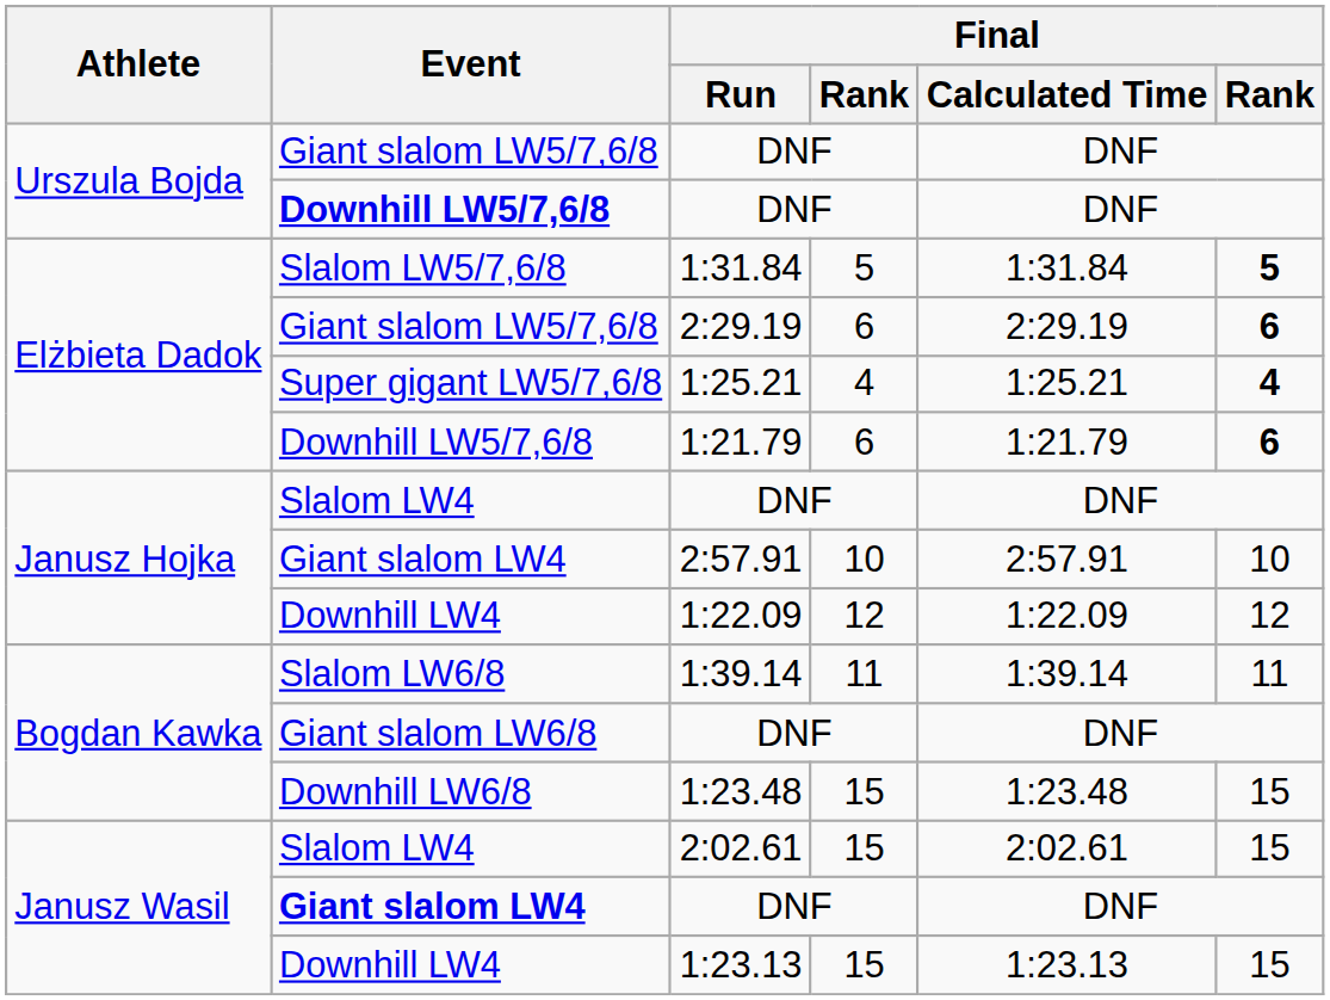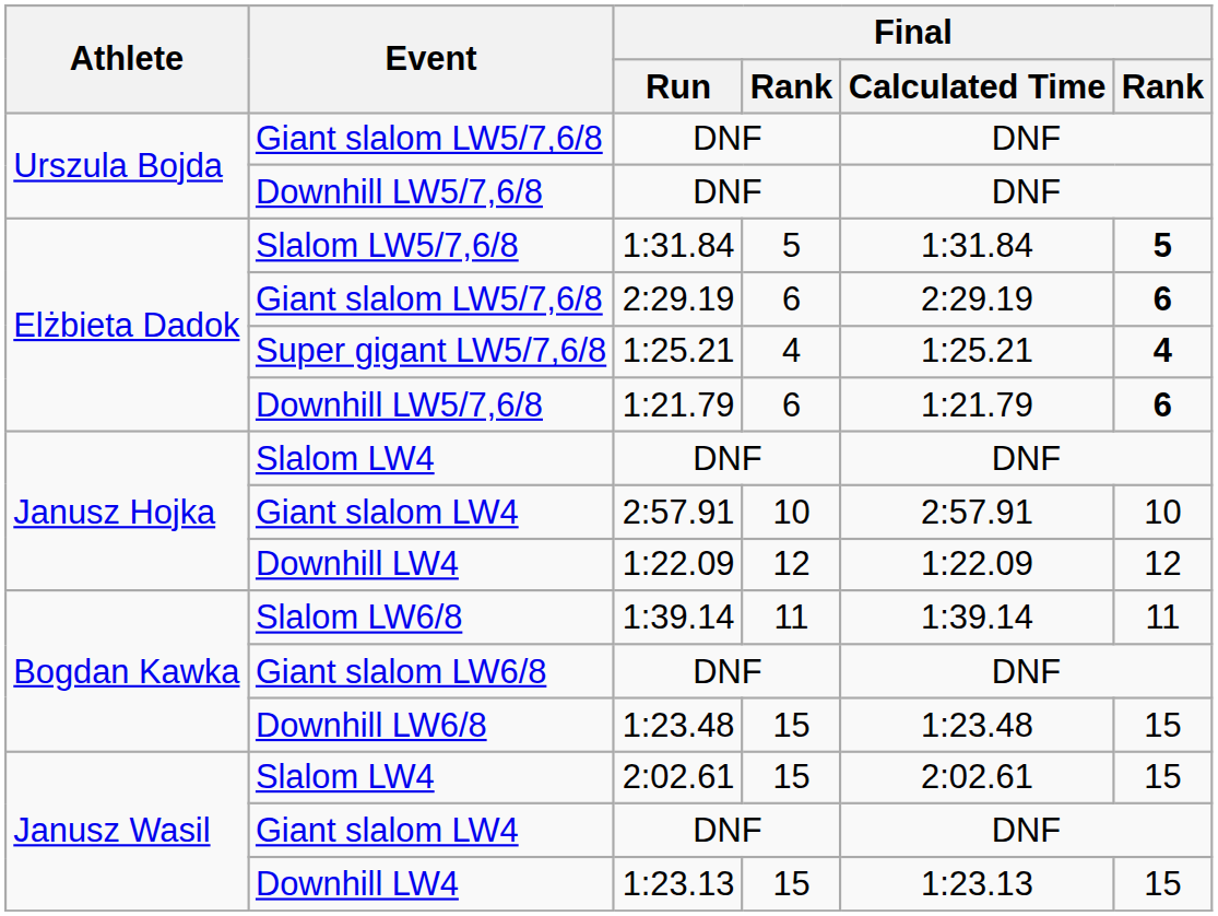 <table class="wikitable" style="font-size:90%">
 <tr>
 <th rowspan="2">Athlete</th>
 <th rowspan="2">Event</th>
 <th colspan="4">Final</th>
 </tr>
 <tr>
 <th>Run</th>
 <th>Rank</th>
 <th>Calculated Time</th>
 <th>Rank</th>
 </tr>
 <tr>
 <td rowspan=2><a href='#'>Urszula Bojda</a></td>
 <td><a href='#'>Giant slalom LW5/7,6/8</a></td>
 <td align="center" colspan=2>DNF</td>
 <td align="center" colspan=2>DNF</td>
 </tr>
 <tr>
-<td><strong><a href='#'>Downhill LW5/7,6/8</a></strong></td>
+<td><a href='#'>Downhill LW5/7,6/8</a></td>
 <td align="center" colspan=2>DNF</td>
 <td align="center" colspan=2>DNF</td>
 </tr>
 <tr>
 <td rowspan=4><a href='#'>Elżbieta Dadok</a></td>
 <td><a href='#'>Slalom LW5/7,6/8</a></td>
 <td align="center">1:31.84</td>
 <td align="center">5</td>
 <td align="center">1:31.84</td>
 <td align="center"><strong>5</strong></td>
 </tr>
 <tr>
 <td><a href='#'>Giant slalom LW5/7,6/8</a></td>
 <td align="center">2:29.19</td>
 <td align="center">6</td>
 <td align="center">2:29.19</td>
 <td align="center"><strong>6</strong></td>
 </tr>
 <tr>
 <td><a href='#'>Super gigant LW5/7,6/8</a></td>
 <td align="center">1:25.21</td>
 <td align="center">4</td>
 <td align="center">1:25.21</td>
 <td align="center"><strong>4</strong></td>
 </tr>
 <tr>
 <td><a href='#'>Downhill LW5/7,6/8</a></td>
 <td align="center">1:21.79</td>
 <td align="center">6</td>
 <td align="center">1:21.79</td>
 <td align="center"><strong>6</strong></td>
 </tr>
 <tr>
 <td rowspan=3><a href='#'>Janusz Hojka</a></td>
 <td><a href='#'>Slalom LW4</a></td>
 <td align="center" colspan=2>DNF</td>
 <td align="center" colspan=2>DNF</td>
 </tr>
 <tr>
 <td><a href='#'>Giant slalom LW4</a></td>
 <td align="center">2:57.91</td>
 <td align="center">10</td>
 <td align="center">2:57.91</td>
 <td align="center">10</td>
 </tr>
 <tr>
 <td><a href='#'>Downhill LW4</a></td>
 <td align="center">1:22.09</td>
 <td align="center">12</td>
 <td align="center">1:22.09</td>
 <td align="center">12</td>
 </tr>
 <tr>
 <td rowspan=3><a href='#'>Bogdan Kawka</a></td>
 <td><a href='#'>Slalom LW6/8</a></td>
 <td align="center">1:39.14</td>
 <td align="center">11</td>
 <td align="center">1:39.14</td>
 <td align="center">11</td>
 </tr>
 <tr>
 <td><a href='#'>Giant slalom LW6/8</a></td>
 <td align="center" colspan=2>DNF</td>
 <td align="center" colspan=2>DNF</td>
 </tr>
 <tr>
 <td><a href='#'>Downhill LW6/8</a></td>
 <td align="center">1:23.48</td>
 <td align="center">15</td>
 <td align="center">1:23.48</td>
 <td align="center">15</td>
 </tr>
 <tr>
 <td rowspan=3><a href='#'>Janusz Wasil</a></td>
 <td><a href='#'>Slalom LW4</a></td>
 <td align="center">2:02.61</td>
 <td align="center">15</td>
 <td align="center">2:02.61</td>
 <td align="center">15</td>
 </tr>
 <tr>
-<td><strong><a href='#'>Giant slalom LW4</a></strong></td>
+<td><a href='#'>Giant slalom LW4</a></td>
 <td align="center" colspan=2>DNF</td>
 <td align="center" colspan=2>DNF</td>
 </tr>
 <tr>
 <td><a href='#'>Downhill LW4</a></td>
 <td align="center">1:23.13</td>
 <td align="center">15</td>
 <td align="center">1:23.13</td>
 <td align="center">15</td>
 </tr>
 </table>
